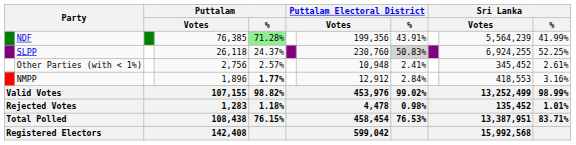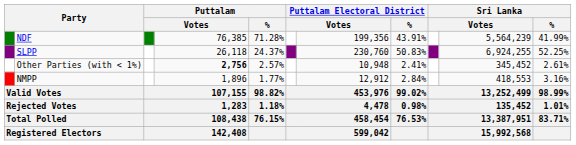 <table class="wikitable">
 <tr>
 <th colspan="2" width="144px"rowspan="2">Party</th>
 <th colspan="3" width="216px">Puttalam</th>
 <th colspan="3" width="216px"><a href='#'>Puttalam Electoral District</a></th>
 <th colspan="3" width="216px">Sri Lanka</th>
 </tr>
 <tr>
 <th colspan="2" width="144px">Votes</th>
 <th>%</th>
 <th colspan="2" width="144px">Votes</th>
 <th>%</th>
 <th colspan="2" width="144px">Votes</th>
 <th>%</th>
 </tr>
 <tr>
 <td style="background-color:green;" width="10px"></td>
 <td style="text-align:left;"><a href='#'>NDF</a></td>
 <td style="background-color:green;" width="10px"></td>
 <td style="text-align:right;">76,385</td>
-<td style="background: lightgreen; text-align:right;">71.28%</td>
+<td style="text-align:right;">71.28%</td>
 <td style="background-color:white;" width="10px"></td>
 <td style="text-align:right;">199,356</td>
 <td style="text-align:right;">43.91%</td>
 <td style="background-color:white;" width="10px"></td>
 <td style="text-align:right;">5,564,239</td>
 <td style="text-align:right;">41.99%</td>
 </tr>
 <tr>
 <td style="background-color:purple;" width="10px"></td>
 <td style="text-align:left;"><a href='#'>SLPP</a></td>
 <td style="background-color:white;" width="10px"></td>
 <td style="text-align:right;">26,118</td>
 <td style="text-align:right;">24.37%</td>
 <td style="background-color:purple;" width="10px"></td>
 <td style="text-align:right;">230,760</td>
-<td style="background: lightgrey; text-align:right;">50.83%</td>
+<td style="text-align:right;">50.83%</td>
 <td style="background-color:purple;" width="10px"></td>
 <td style="text-align:right;">6,924,255</td>
 <td style="text-align:right;">52.25%</td>
 </tr>
 <tr>
 <td style="background-color:white;" width="10px"></td>
 <td style="text-align:left;">Other Parties (with < 1%)</td>
 <td style="background-color:white;" width="10px"></td>
-<td style="text-align:right;">2,756</td>
+<td style="text-align:right;"><strong>2,756</strong></td>
 <td style="text-align:right;">2.57%</td>
 <td style="background-color:white;" width="10px"></td>
 <td style="text-align:right;">10,948</td>
 <td style="text-align:right;">2.41%</td>
 <td style="background-color:white;" width="10px"></td>
 <td style="text-align:right;">345,452</td>
 <td style="text-align:right;">2.61%</td>
 </tr>
 <tr>
 <td style="background-color:red;" width="10px"></td>
 <td style="text-align:left;">NMPP</td>
 <td style="background-color:white;" width="10px"></td>
 <td style="text-align:right;">1,896</td>
-<td style="text-align:right;"><strong>1.77%</strong></td>
+<td style="text-align:right;">1.77%</td>
 <td style="background-color:white;" width="10px"></td>
 <td style="text-align:right;">12,912</td>
 <td style="text-align:right;">2.84%</td>
 <td style="background-color:white;" width="10px"></td>
 <td style="text-align:right;">418,553</td>
 <td style="text-align:right;">3.16%</td>
 </tr>
 <tr>
 <th colspan="2" width="144px"style="text-align:left;">Valid Votes</th>
 <th style="text-align:right;"colspan="2" width="144px">107,155</th>
 <th style="text-align:right;">98.82%</th>
 <th style="text-align:right;"colspan="2" width="144px">453,976</th>
 <th style="text-align:right;">99.02%</th>
 <th style="text-align:right;"colspan="2" width="144px">13,252,499</th>
 <th style="text-align:right;">98.99%</th>
 </tr>
 <tr>
 <th colspan="2" width="144px"style="text-align:left;">Rejected Votes</th>
 <th style="text-align:right;"colspan="2" width="144px">1,283</th>
 <th style="text-align:right;">1.18%</th>
 <th style="text-align:right;"colspan="2" width="144px">4,478</th>
 <th style="text-align:right;">0.98%</th>
 <th style="text-align:right;"colspan="2" width="144px">135,452</th>
 <th style="text-align:right;">1.01%</th>
 </tr>
 <tr>
 <th colspan="2" width="144px"style="text-align:left;">Total Polled</th>
 <th style="text-align:right;"colspan="2" width="144px">108,438</th>
 <th style="text-align:right;">76.15%</th>
 <th style="text-align:right;"colspan="2" width="144px">458,454</th>
 <th style="text-align:right;">76.53%</th>
 <th style="text-align:right;"colspan="2" width="144px">13,387,951</th>
 <th style="text-align:right;">83.71%</th>
 </tr>
 <tr>
 <th colspan="2" width="144px"style="text-align:left;">Registered Electors</th>
 <th style="text-align:right;"colspan="2" width="144px">142,408</th>
 <th></th>
 <th style="text-align:right;"colspan="2" width="144px">599,042</th>
 <th></th>
 <th style="text-align:right;"colspan="2" width="144px">15,992,568</th>
 <th></th>
 </tr>
 </table>
